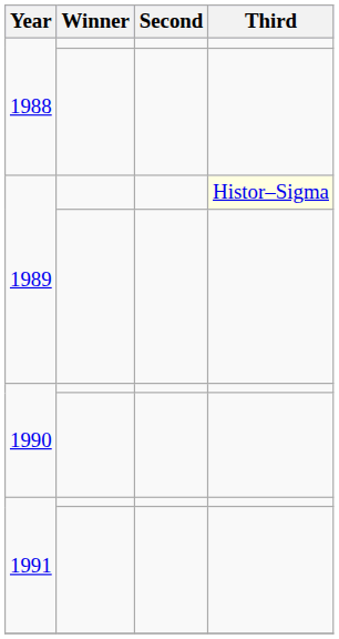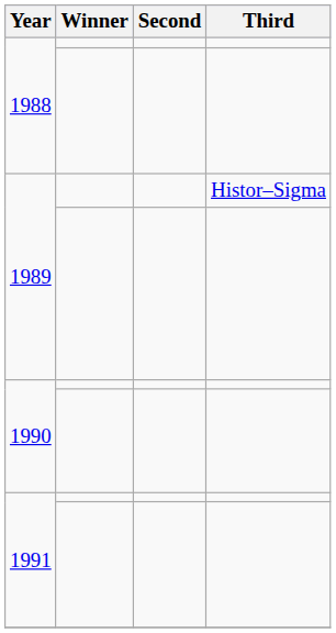 <table class="wikitable">
 <tr style="background:#ccccff;">
 <th>Year</th>
 <th>Winner</th>
 <th>Second</th>
 <th>Third</th>
 </tr>
 <tr>
 <td rowspan=2><a href='#'>1988</a></td>
 <td> </td>
 <td> </td>
 <td> </td>
 </tr>
 <tr>
 <td><small><br><br><br><br><br></small></td>
 <td><small><br><br><br><br><br></small></td>
 <td><small><br><br><br><br><br></small></td>
 </tr>
 <tr>
 <td rowspan=2><a href='#'>1989</a></td>
 <td> </td>
 <td> </td>
-<td style="background: lightyellow;"> <a href='#'>Histor–Sigma</a></td>
+<td> <a href='#'>Histor–Sigma</a></td>
 </tr>
 <tr>
 <td><small><br><br><br><br><br><br><br></small></td>
 <td><small><br><br><br><br><br><br><br></small></td>
 <td><small><br><br><br><br><br><br><br></small></td>
 </tr>
 <tr>
 <td rowspan=2><a href='#'>1990</a></td>
 <td> </td>
 <td> </td>
 <td> </td>
 </tr>
 <tr>
 <td><small><br><br><br><br></small></td>
 <td><small><br><br><br><br></small></td>
 <td valign=top><small><br><br><br></small></td>
 </tr>
 <tr>
 <td rowspan=2><a href='#'>1991</a></td>
 <td> </td>
 <td> </td>
 <td> </td>
 </tr>
 <tr>
 <td><small><br><br><br><br><br></small></td>
 <td><small><br><br><br><br><br></small></td>
 <td><small><br><br><br><br><br></small></td>
 </tr>
 <tr>
 </tr>
 </table>
